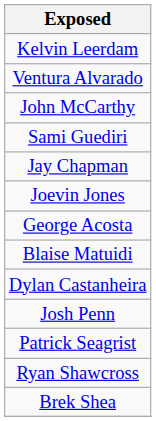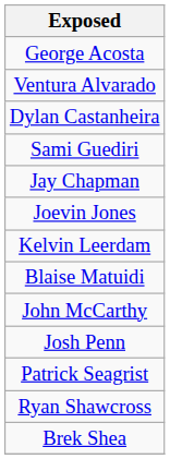 <table class="wikitable" style="text-align:center">
 <tr>
 <th>Exposed</th>
 </tr>
 <tr>
-<td><a href='#'>Kelvin Leerdam</a></td>
+<td><a href='#'>George Acosta</a></td>
 </tr>
 <tr>
 <td><a href='#'>Ventura Alvarado</a></td>
 </tr>
 <tr>
-<td><a href='#'>John McCarthy</a></td>
+<td><a href='#'>Dylan Castanheira</a></td>
 </tr>
 <tr>
 <td><a href='#'>Sami Guediri</a></td>
 </tr>
 <tr>
 <td><a href='#'>Jay Chapman</a></td>
 </tr>
 <tr>
 <td><a href='#'>Joevin Jones</a></td>
 </tr>
 <tr>
-<td><a href='#'>George Acosta</a></td>
+<td><a href='#'>Kelvin Leerdam</a></td>
 </tr>
 <tr>
 <td><a href='#'>Blaise Matuidi</a></td>
 </tr>
 <tr>
-<td><a href='#'>Dylan Castanheira</a></td>
+<td><a href='#'>John McCarthy</a></td>
 </tr>
 <tr>
 <td><a href='#'>Josh Penn</a></td>
 </tr>
 <tr>
 <td><a href='#'>Patrick Seagrist</a></td>
 </tr>
 <tr>
 <td><a href='#'>Ryan Shawcross</a></td>
 </tr>
 <tr>
 <td><a href='#'>Brek Shea</a></td>
 </tr>
 <tr>
 </tr>
 </table>
